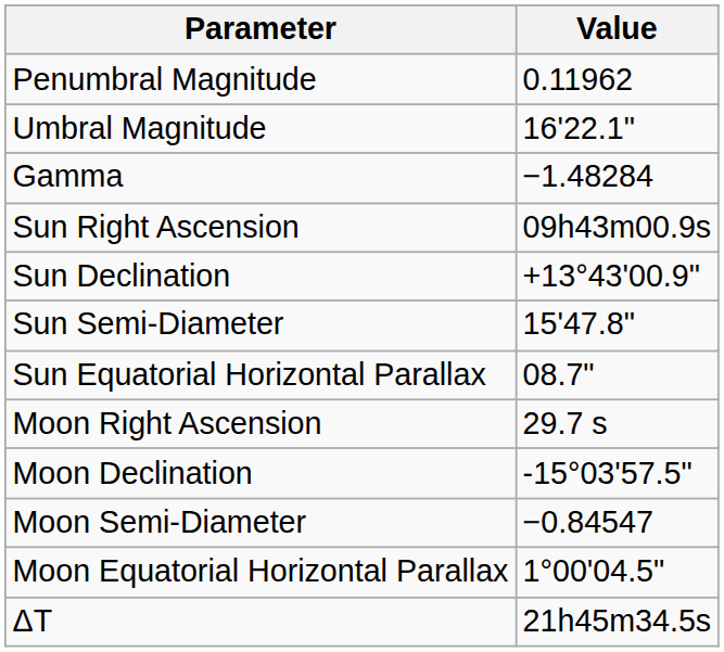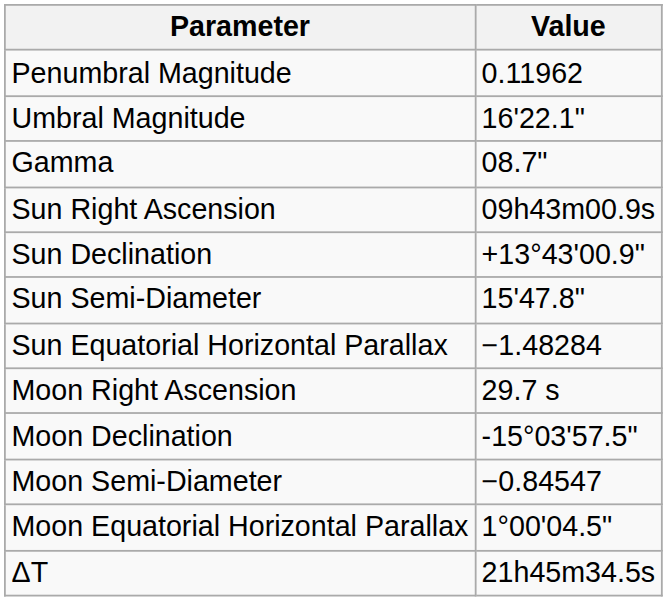 <table class="wikitable">
 <tr>
 <th>Parameter</th>
 <th>Value</th>
 </tr>
 <tr>
 <td>Penumbral Magnitude</td>
 <td>0.11962</td>
 </tr>
 <tr>
 <td>Umbral Magnitude</td>
 <td>16'22.1"</td>
 </tr>
 <tr>
 <td>Gamma</td>
-<td>−1.48284</td>
+<td>08.7"</td>
 </tr>
 <tr>
 <td>Sun Right Ascension</td>
 <td>09h43m00.9s</td>
 </tr>
 <tr>
 <td>Sun Declination</td>
 <td>+13°43'00.9"</td>
 </tr>
 <tr>
 <td>Sun Semi-Diameter</td>
 <td>15'47.8"</td>
 </tr>
 <tr>
 <td>Sun Equatorial Horizontal Parallax</td>
-<td>08.7"</td>
+<td>−1.48284</td>
 </tr>
 <tr>
 <td>Moon Right Ascension</td>
 <td>29.7 s</td>
 </tr>
 <tr>
 <td>Moon Declination</td>
 <td>-15°03'57.5"</td>
 </tr>
 <tr>
 <td>Moon Semi-Diameter</td>
 <td>−0.84547</td>
 </tr>
 <tr>
 <td>Moon Equatorial Horizontal Parallax</td>
 <td>1°00'04.5"</td>
 </tr>
 <tr>
 <td>ΔT</td>
 <td>21h45m34.5s</td>
 </tr>
 </table>
